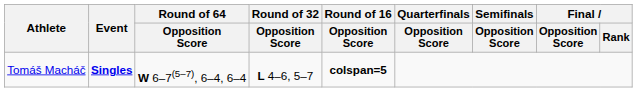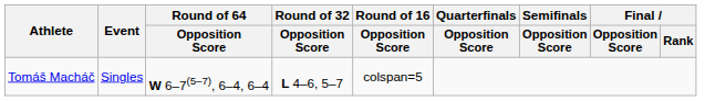 <table class=wikitable style="font-size:90%">
 <tr>
 <th rowspan="2">Athlete</th>
 <th rowspan="2">Event</th>
 <th>Round of 64</th>
 <th>Round of 32</th>
 <th>Round of 16</th>
 <th>Quarterfinals</th>
 <th>Semifinals</th>
 <th colspan=2>Final / </th>
 </tr>
 <tr style="font-size:95%">
 <th>Opposition<br>Score</th>
 <th>Opposition<br>Score</th>
 <th>Opposition<br>Score</th>
 <th>Opposition<br>Score</th>
 <th>Opposition<br>Score</th>
 <th>Opposition<br>Score</th>
 <th>Rank</th>
 </tr>
 <tr align=center>
 <td align=left><a href='#'>Tomáš Macháč</a></td>
-<td align=left><strong><a href='#'>Singles</a></strong></td>
+<td align=left><a href='#'>Singles</a></td>
 <td><br><strong>W</strong> 6–7<sup>(5–7)</sup>, 6–4, 6–4</td>
 <td><br><strong>L</strong> 4–6, 5–7</td>
-<td><strong>colspan=5 </strong></td>
+<td>colspan=5 </td>
 </tr>
 </table>
